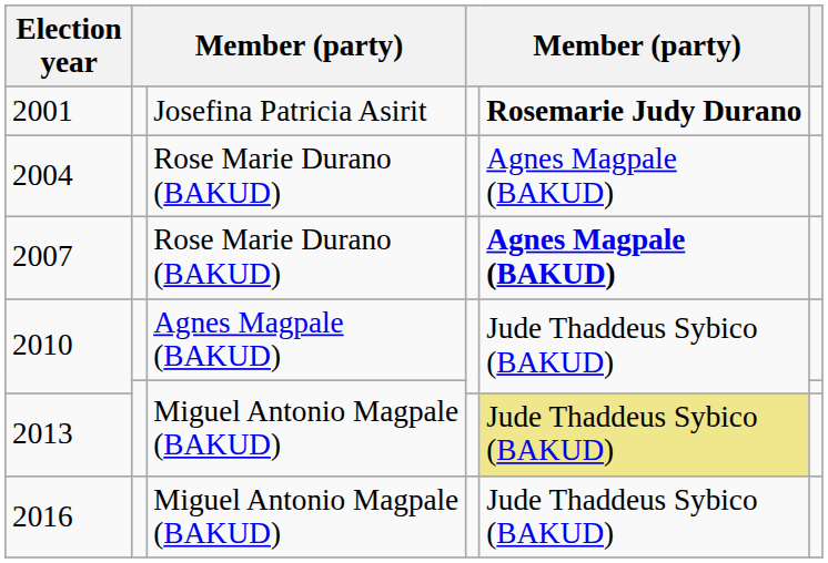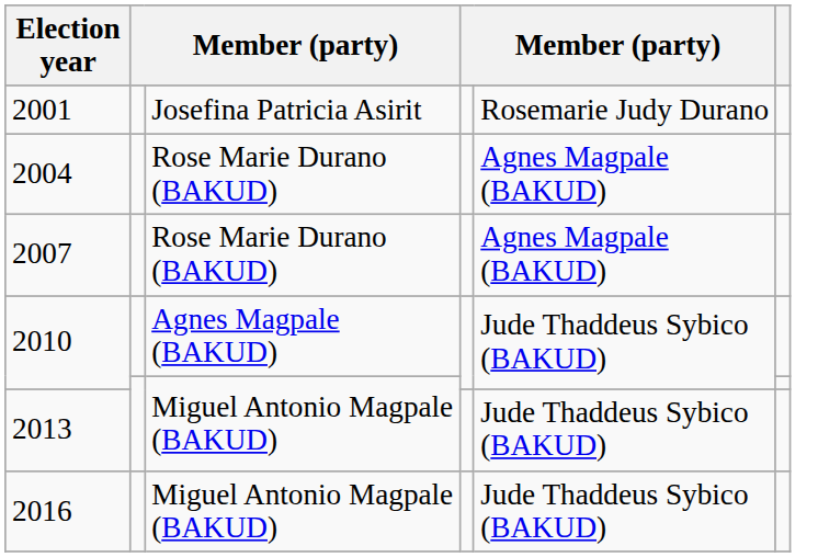 <table class=wikitable>
 <tr>
 <th width=60px>Election<br>year</th>
 <th colspan=2 width=140px>Member (party)</th>
 <th colspan=2 width=140px>Member (party)</th>
 <th !></th>
 </tr>
 <tr>
 <td>2001</td>
 <td></td>
 <td>Josefina Patricia Asirit</td>
 <td></td>
-<td><strong>Rosemarie Judy Durano</strong></td>
+<td>Rosemarie Judy Durano</td>
 <td></td>
 </tr>
 <tr>
 <td>2004</td>
 <td bgcolor=></td>
 <td>Rose Marie Durano<br>(<a href='#'>BAKUD</a>)</td>
 <td bgcolor=></td>
 <td><a href='#'>Agnes Magpale</a><br>(<a href='#'>BAKUD</a>)</td>
 <td></td>
 </tr>
 <tr>
 <td>2007</td>
 <td bgcolor=></td>
 <td>Rose Marie Durano<br>(<a href='#'>BAKUD</a>)</td>
 <td bgcolor=></td>
-<td><strong><a href='#'>Agnes Magpale</a><br>(<a href='#'>BAKUD</a>)</strong></td>
+<td><a href='#'>Agnes Magpale</a><br>(<a href='#'>BAKUD</a>)</td>
 <td></td>
 </tr>
 <tr>
 <td rowspan="2">2010</td>
 <td bgcolor=></td>
 <td><a href='#'>Agnes Magpale</a><br>(<a href='#'>BAKUD</a>)</td>
 <td rowspan="2" bgcolor=></td>
 <td rowspan="2">Jude Thaddeus Sybico<br>(<a href='#'>BAKUD</a>)</td>
 <td></td>
 </tr>
 <tr>
 <td rowspan="2" bgcolor=></td>
 <td rowspan="2">Miguel Antonio Magpale<br>(<a href='#'>BAKUD</a>)</td>
 <td></td>
 </tr>
 <tr>
 <td>2013</td>
 <td bgcolor=></td>
-<td style="background: khaki;">Jude Thaddeus Sybico<br>(<a href='#'>BAKUD</a>)</td>
+<td>Jude Thaddeus Sybico<br>(<a href='#'>BAKUD</a>)</td>
 <td></td>
 </tr>
 <tr>
 <td>2016</td>
 <td bgcolor=></td>
 <td>Miguel Antonio Magpale<br>(<a href='#'>BAKUD</a>)</td>
 <td bgcolor=></td>
 <td>Jude Thaddeus Sybico<br>(<a href='#'>BAKUD</a>)</td>
 <td></td>
 </tr>
 </table>
